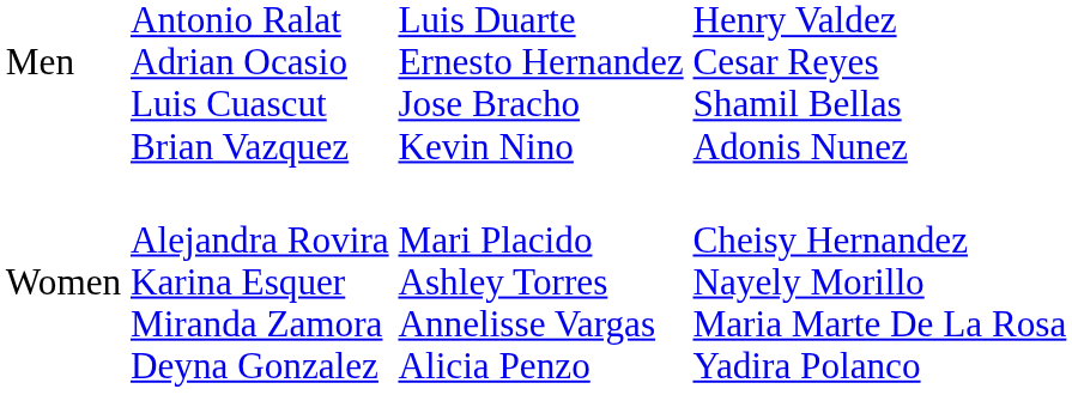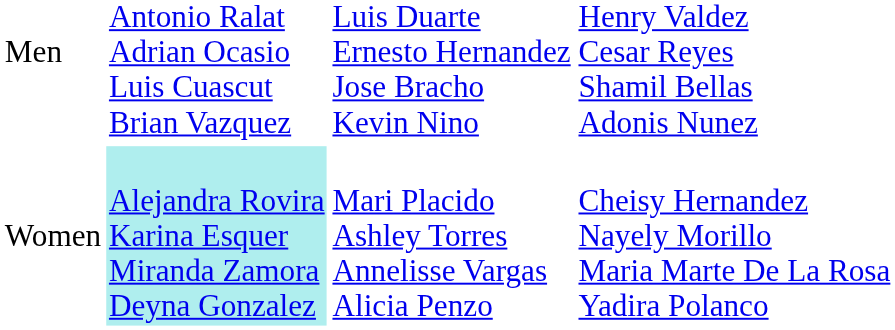 <table>
 <tr>
 <td>Men</td>
 <td><br><a href='#'>Antonio Ralat</a><br><a href='#'>Adrian Ocasio</a><br><a href='#'>Luis Cuascut</a><br><a href='#'>Brian Vazquez</a></td>
 <td><br><a href='#'>Luis Duarte</a><br><a href='#'>Ernesto Hernandez</a><br><a href='#'>Jose Bracho</a><br><a href='#'>Kevin Nino</a></td>
 <td><br><a href='#'>Henry Valdez</a><br><a href='#'>Cesar Reyes</a><br><a href='#'>Shamil Bellas</a><br><a href='#'>Adonis Nunez</a></td>
 </tr>
 <tr>
 <td>Women</td>
-<td><br><a href='#'>Alejandra Rovira</a><br><a href='#'>Karina Esquer</a><br><a href='#'>Miranda Zamora</a><br><a href='#'>Deyna Gonzalez</a></td>
+<td style="background: paleturquoise;"><br><a href='#'>Alejandra Rovira</a><br><a href='#'>Karina Esquer</a><br><a href='#'>Miranda Zamora</a><br><a href='#'>Deyna Gonzalez</a></td>
 <td><br><a href='#'>Mari Placido</a><br><a href='#'>Ashley Torres</a><br><a href='#'>Annelisse Vargas</a><br><a href='#'>Alicia Penzo</a></td>
 <td><br><a href='#'>Cheisy Hernandez</a><br><a href='#'>Nayely Morillo</a><br><a href='#'>Maria Marte De La Rosa</a><br><a href='#'>Yadira Polanco</a></td>
 </tr>
 </table>
